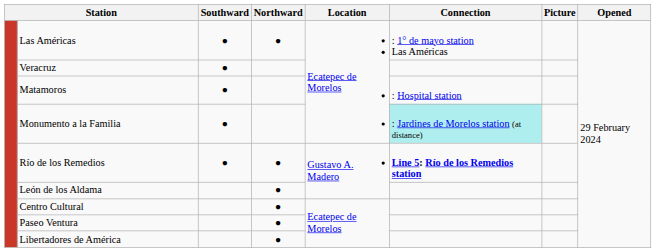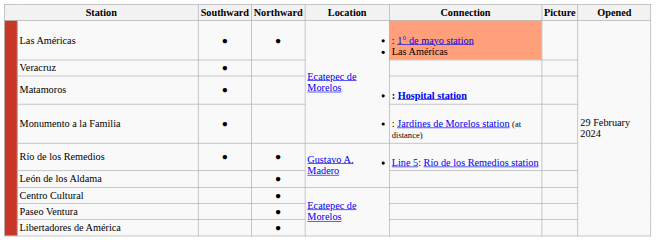 <table width="80%"  class="wikitable">
 <tr>
 <th colspan="2" align="center" width="30%">Station</th>
 <th align="center">Southward</th>
 <th align="center">Northward</th>
 <th align="center">Location</th>
 <th align="center">Connection</th>
 <th align="center">Picture</th>
 <th align="center">Opened</th>
 </tr>
 <tr>
 <td rowspan="11" width="2%" bgcolor="#c83728"> </td>
 <td> Las Américas</td>
 <td align="center">●</td>
 <td align="center">●</td>
 <td rowspan="4"><a href='#'>Ecatepec de Morelos</a></td>
-<td><br><li> : <a href='#'>1° de mayo station</a> <li> Las Américas</li></td>
+<td style="background: lightsalmon;"><br><li> : <a href='#'>1° de mayo station</a> <li> Las Américas</li></td>
 <td></td>
 <td rowspan="11">29 February 2024</td>
 </tr>
 <tr>
 <td> Veracruz</td>
 <td align="center">●</td>
 <td></td>
 <td></td>
 <td></td>
 </tr>
 <tr>
 <td> Matamoros</td>
 <td align="center">●</td>
 <td></td>
-<td><br><li> : <a href='#'>Hospital station</a></td>
+<td><strong><br><li> : <a href='#'>Hospital station</a></strong></td>
 <td></td>
 </tr>
 <tr>
 <td> Monumento a la Familia</td>
 <td align="center">●</td>
 <td></td>
-<td style="background: paleturquoise;"><br><li> : <a href='#'>Jardines de Morelos station</a> <small>(at distance)</small></td>
+<td><br><li> : <a href='#'>Jardines de Morelos station</a> <small>(at distance)</small></td>
 <td></td>
 </tr>
 <tr>
 <td> Río de los Remedios</td>
 <td align="center">●</td>
 <td align="center">●</td>
 <td rowspan="2"><a href='#'>Gustavo A. Madero</a></td>
-<td><strong><br><li>  <a href='#'>Line 5</a>: <a href='#'>Río de los Remedios station</a></li></strong></td>
+<td><br><li>  <a href='#'>Line 5</a>: <a href='#'>Río de los Remedios station</a></li></td>
 <td></td>
 </tr>
 <tr>
 <td> León de los Aldama</td>
 <td></td>
 <td align="center">●</td>
 <td></td>
 <td></td>
 </tr>
 <tr>
 <td> Centro Cultural</td>
 <td></td>
 <td align="center">●</td>
 <td rowspan="3"><a href='#'>Ecatepec de Morelos</a></td>
 <td></td>
 <td></td>
 </tr>
 <tr>
 <td> Paseo Ventura</td>
 <td></td>
 <td align="center">●</td>
 <td></td>
 <td></td>
 </tr>
 <tr>
 <td> Libertadores de América</td>
 <td></td>
 <td align="center">●</td>
 <td></td>
 <td></td>
 </tr>
 </table>
